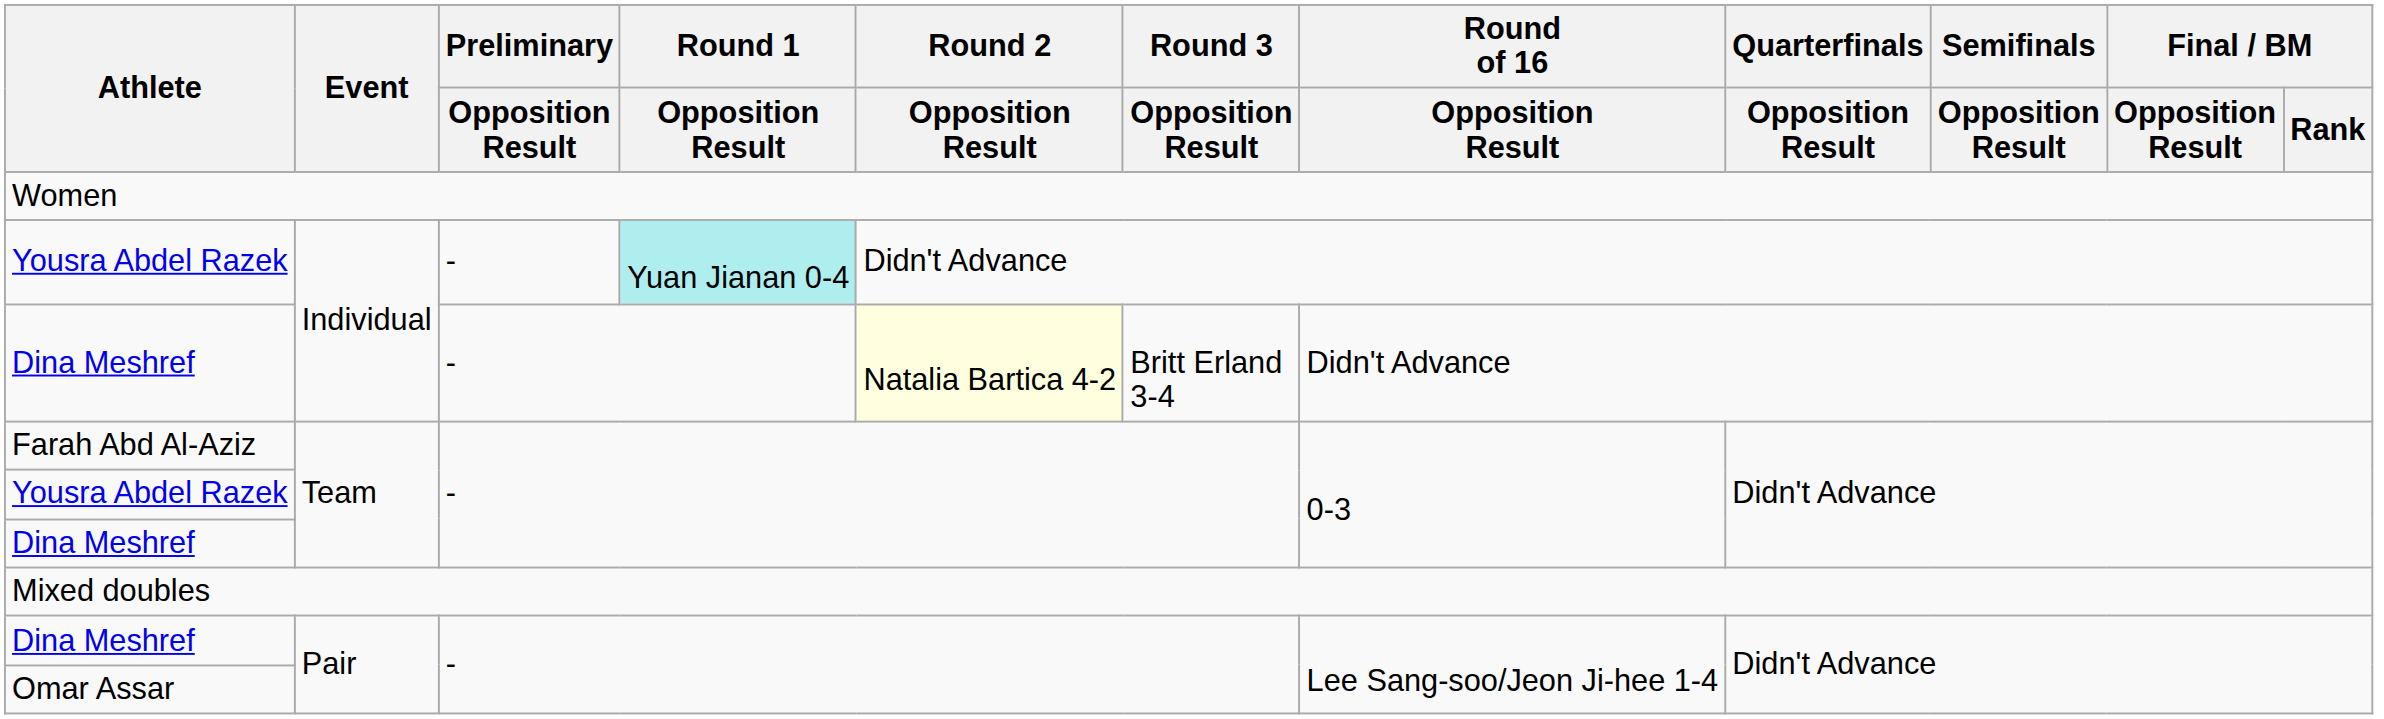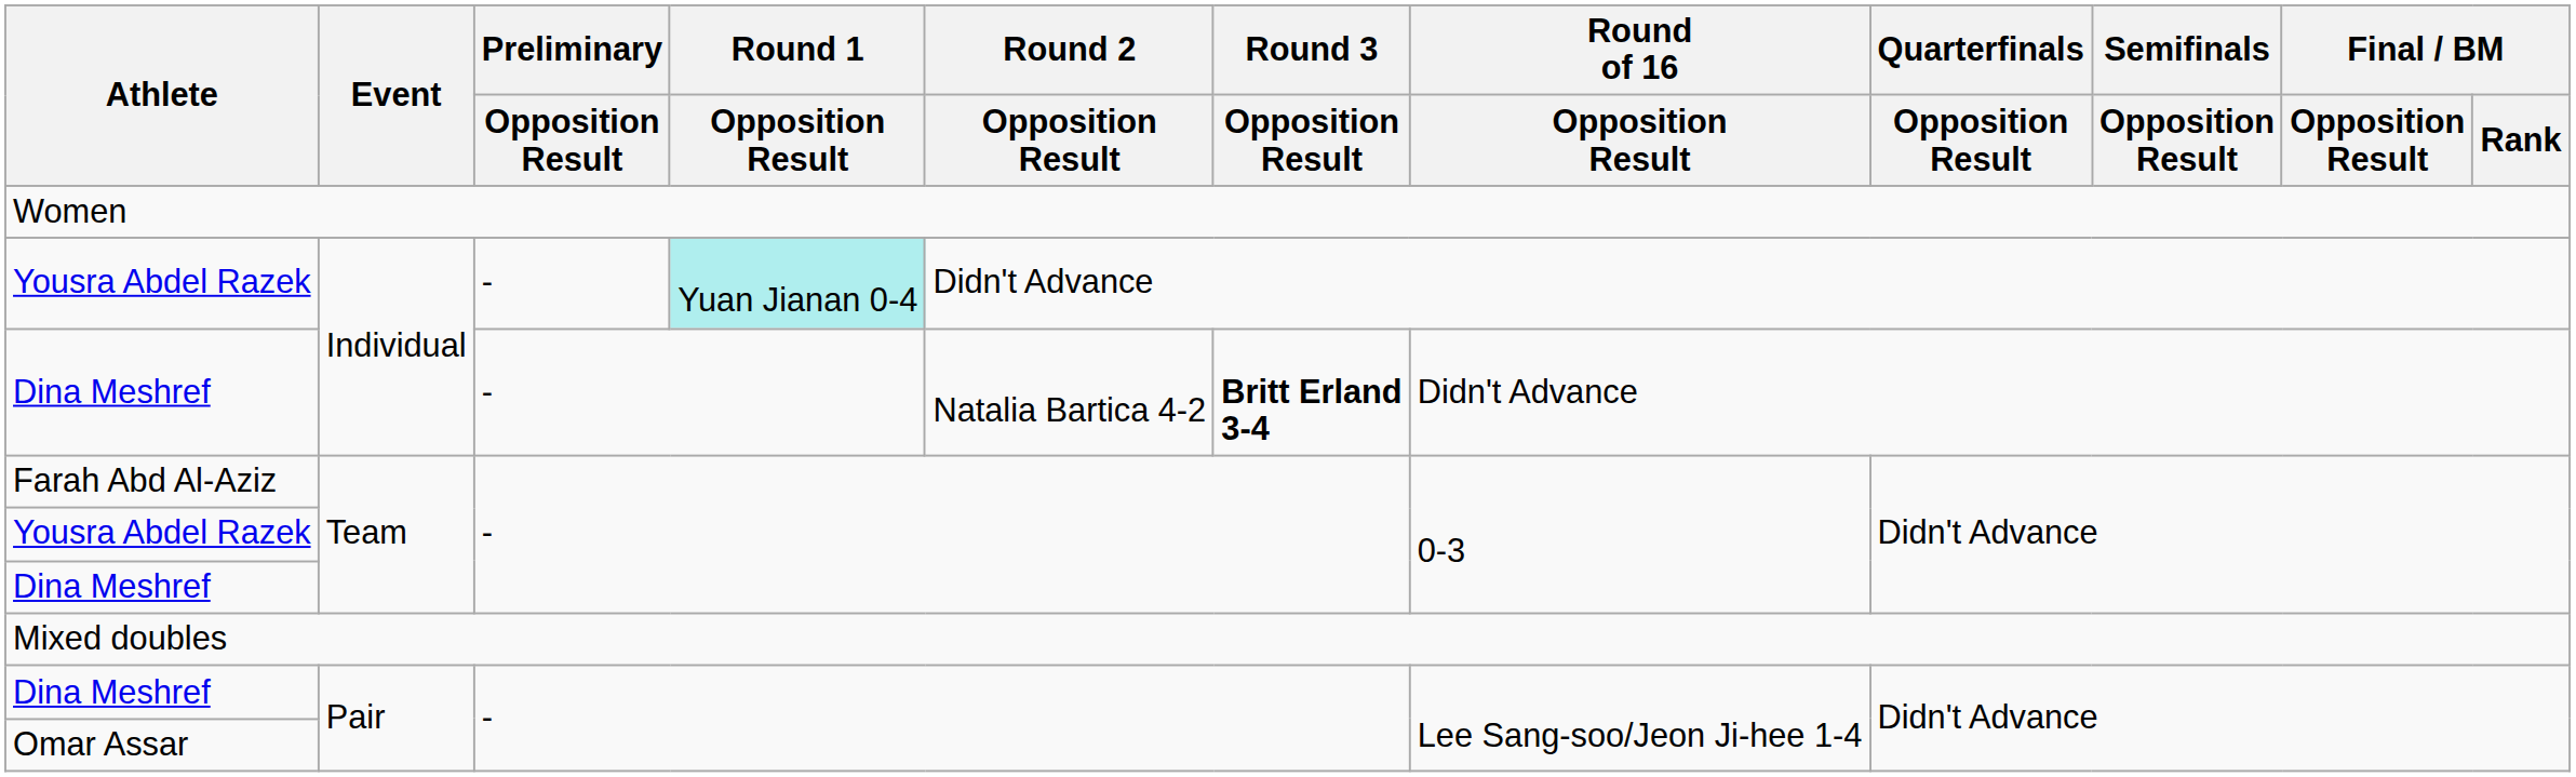 <table class="wikitable">
 <tr>
 <th rowspan="2">Athlete</th>
 <th rowspan="2">Event</th>
 <th>Preliminary</th>
 <th>Round 1</th>
 <th>Round 2</th>
 <th>Round 3</th>
 <th>Round<br>of 16</th>
 <th>Quarterfinals</th>
 <th>Semifinals</th>
 <th colspan="2">Final / <abbr>BM</abbr></th>
 </tr>
 <tr>
 <th>Opposition<br>Result</th>
 <th>Opposition<br>Result</th>
 <th>Opposition<br>Result</th>
 <th>Opposition<br>Result</th>
 <th>Opposition<br>Result</th>
 <th>Opposition<br>Result</th>
 <th>Opposition<br>Result</th>
 <th>Opposition<br>Result</th>
 <th>Rank</th>
 </tr>
 <tr>
 <td colspan="11">Women</td>
 </tr>
 <tr>
 <td><a href='#'>Yousra Abdel Razek</a></td>
 <td rowspan="2">Individual</td>
 <td>-</td>
 <td style="background: paleturquoise;"><br>Yuan Jianan 0-4</td>
 <td colspan="7">Didn't Advance</td>
 </tr>
 <tr>
 <td><a href='#'>Dina Meshref</a></td>
 <td colspan="2">-</td>
-<td style="background: lightyellow;"><br>Natalia Bartica 4-2</td>
-<td><br>Britt Erland<br>3-4</td>
+<td><br>Natalia Bartica 4-2</td>
+<td><strong><br>Britt Erland<br>3-4</strong></td>
 <td colspan="5">Didn't Advance</td>
 </tr>
 <tr>
 <td>Farah Abd Al-Aziz</td>
 <td rowspan="3">Team</td>
 <td colspan="4" rowspan="3">-</td>
 <td rowspan="3"><br>0-3</td>
 <td colspan="4" rowspan="3">Didn't Advance</td>
 </tr>
 <tr>
 <td><a href='#'>Yousra Abdel Razek</a></td>
 </tr>
 <tr>
 <td><a href='#'>Dina Meshref</a></td>
 </tr>
 <tr>
 <td colspan="11">Mixed doubles</td>
 </tr>
 <tr>
 <td><a href='#'>Dina Meshref</a></td>
 <td rowspan="2">Pair</td>
 <td colspan="4" rowspan="2">-</td>
 <td rowspan="2"><br>Lee Sang-soo/Jeon Ji-hee 1-4</td>
 <td colspan="4" rowspan="2">Didn't Advance</td>
 </tr>
 <tr>
 <td>Omar Assar</td>
 </tr>
 </table>
